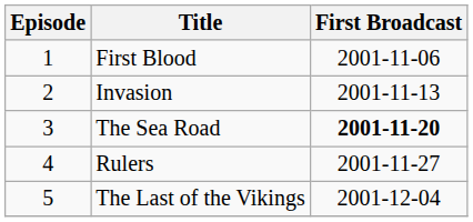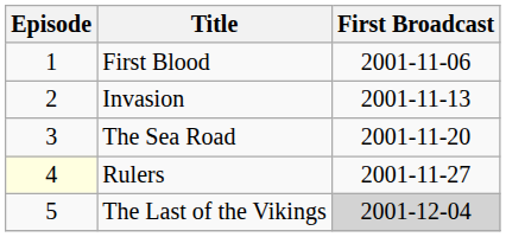 <table class="wikitable">
 <tr>
 <th>Episode</th>
 <th>Title</th>
 <th>First Broadcast</th>
 </tr>
 <tr>
 <td align="center">1</td>
 <td>First Blood</td>
 <td align="center">2001-11-06</td>
 </tr>
 <tr>
 <td align="center">2</td>
 <td>Invasion</td>
 <td align="center">2001-11-13</td>
 </tr>
 <tr>
 <td align="center">3</td>
 <td>The Sea Road</td>
-<td align="center"><strong>2001-11-20</strong></td>
+<td align="center">2001-11-20</td>
 </tr>
 <tr>
-<td align="center">4</td>
+<td align="center" style="background: lightyellow;">4</td>
 <td>Rulers</td>
 <td align="center">2001-11-27</td>
 </tr>
 <tr>
 <td align="center">5</td>
 <td>The Last of the Vikings</td>
-<td align="center">2001-12-04</td>
+<td align="center" style="background: lightgrey;">2001-12-04</td>
 </tr>
 <tr>
 </tr>
 </table>
